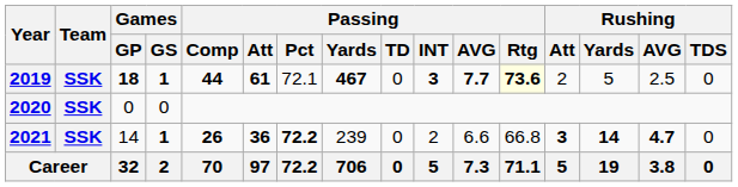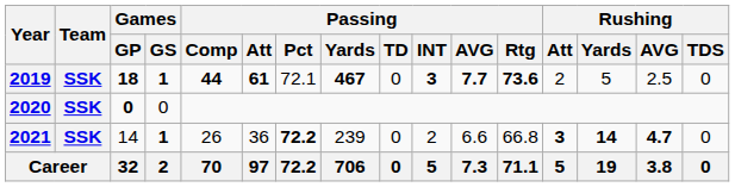 <table class="wikitable" style="text-align:center">
 <tr>
 <th rowspan="2">Year</th>
 <th rowspan="2">Team</th>
 <th colspan="2">Games</th>
 <th colspan="8">Passing</th>
 <th colspan="4">Rushing</th>
 </tr>
 <tr>
 <th>GP</th>
 <th>GS</th>
 <th>Comp</th>
 <th>Att</th>
 <th>Pct</th>
 <th>Yards</th>
 <th>TD</th>
 <th>INT</th>
 <th>AVG</th>
 <th>Rtg</th>
 <th>Att</th>
 <th>Yards</th>
 <th>AVG</th>
 <th>TDS</th>
 </tr>
 <tr>
 <th><a href='#'>2019</a></th>
 <th><a href='#'>SSK</a></th>
 <td><strong>18</strong></td>
 <td><strong>1</strong></td>
 <td><strong>44</strong></td>
 <td><strong>61</strong></td>
 <td>72.1</td>
 <td><strong>467</strong></td>
 <td>0</td>
 <td><strong>3</strong></td>
 <td><strong>7.7</strong></td>
-<td style="background: lightyellow;"><strong>73.6</strong></td>
+<td><strong>73.6</strong></td>
 <td>2</td>
 <td>5</td>
 <td>2.5</td>
 <td>0</td>
 </tr>
 <tr>
 <th><a href='#'>2020</a></th>
 <th><a href='#'>SSK</a></th>
-<td>0</td>
+<td><strong>0</strong></td>
 <td>0</td>
 <td colspan="12"></td>
 </tr>
 <tr>
 <th><a href='#'>2021</a></th>
 <th><a href='#'>SSK</a></th>
 <td>14</td>
 <td><strong>1</strong></td>
-<td><strong>26</strong></td>
-<td><strong>36</strong></td>
+<td>26</td>
+<td>36</td>
 <td><strong>72.2</strong></td>
 <td>239</td>
 <td>0</td>
 <td>2</td>
 <td>6.6</td>
 <td>66.8</td>
 <td><strong>3</strong></td>
 <td><strong>14</strong></td>
 <td><strong>4.7</strong></td>
 <td>0</td>
 </tr>
 <tr>
 <th colspan="2">Career</th>
 <th>32</th>
 <th>2</th>
 <th>70</th>
 <th>97</th>
 <th>72.2</th>
 <th>706</th>
 <th>0</th>
 <th>5</th>
 <th>7.3</th>
 <th>71.1</th>
 <th>5</th>
 <th>19</th>
 <th>3.8</th>
 <th>0</th>
 </tr>
 </table>
